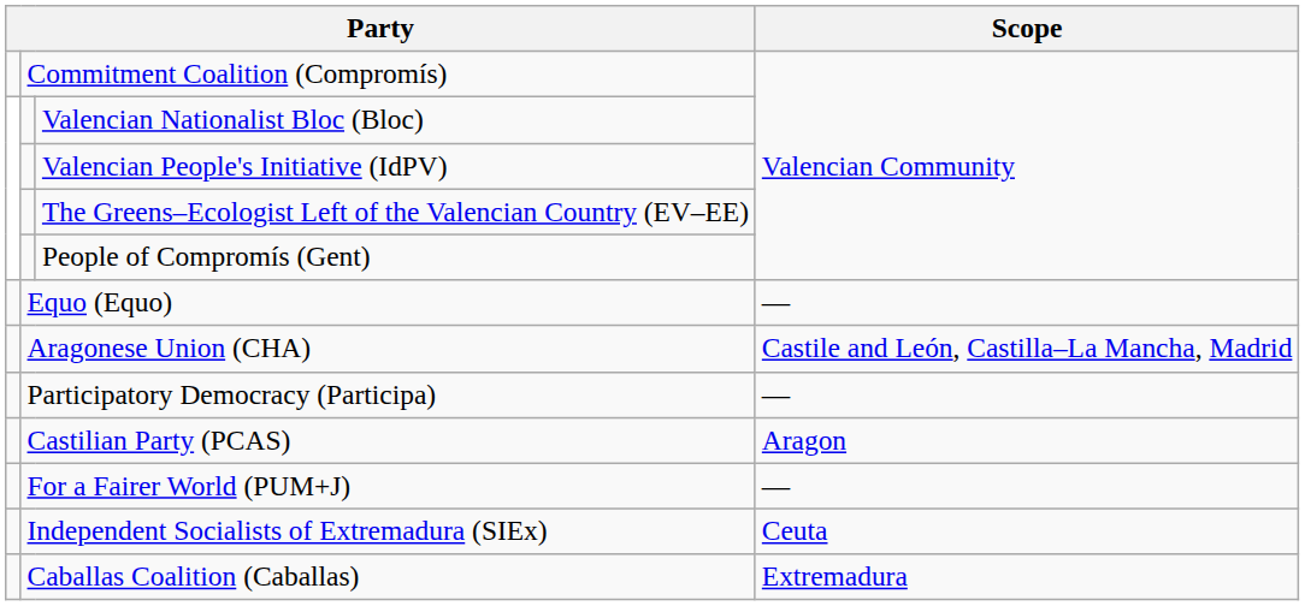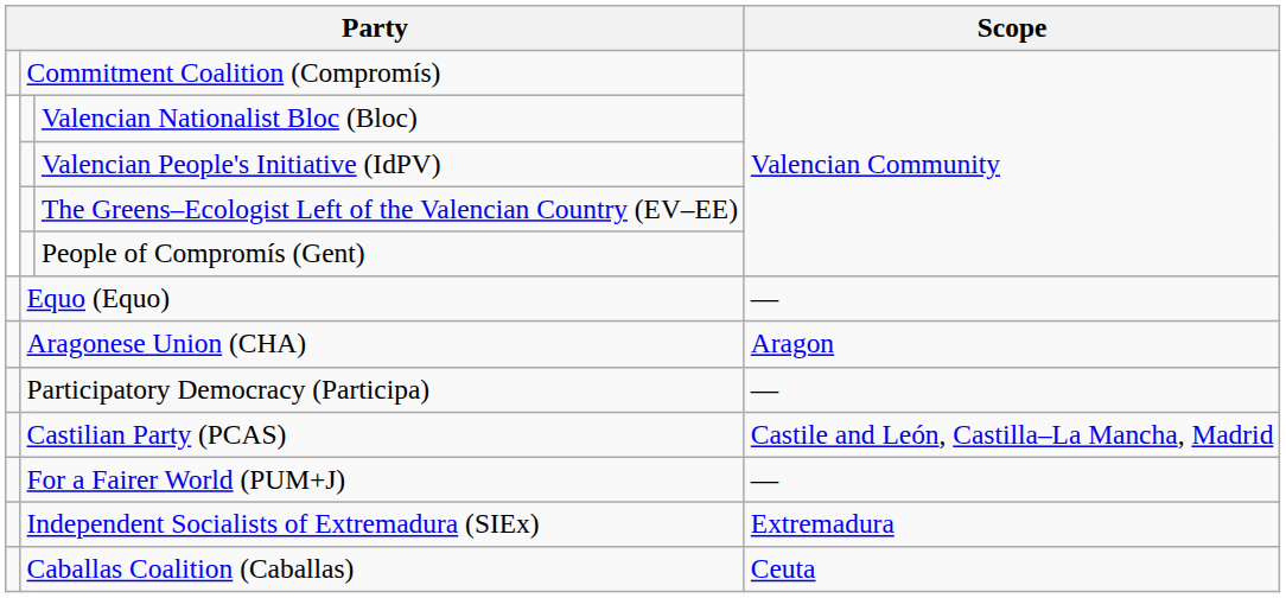 <table class="wikitable" style="text-align:left; font-size:97%;">
 <tr>
 <th colspan="3">Party</th>
 <th>Scope</th>
 </tr>
 <tr>
 <td width="1"></td>
 <td colspan="2"><a href='#'>Commitment Coalition</a> (Compromís)</td>
 <td rowspan="5"><a href='#'>Valencian Community</a></td>
 </tr>
 <tr>
 <td rowspan="4" bgcolor="white"></td>
 <td width="1"></td>
 <td><a href='#'>Valencian Nationalist Bloc</a> (Bloc)</td>
 </tr>
 <tr>
 <td></td>
 <td><a href='#'>Valencian People's Initiative</a> (IdPV)</td>
 </tr>
 <tr>
 <td></td>
 <td><a href='#'>The Greens–Ecologist Left of the Valencian Country</a> (EV–EE)</td>
 </tr>
 <tr>
 <td></td>
 <td>People of Compromís (Gent)</td>
 </tr>
 <tr>
 <td></td>
 <td colspan="2"><a href='#'>Equo</a> (Equo)</td>
 <td>—</td>
 </tr>
 <tr>
 <td></td>
 <td colspan="2"><a href='#'>Aragonese Union</a> (CHA)</td>
-<td><a href='#'>Castile and León</a>, <a href='#'>Castilla–La Mancha</a>, <a href='#'>Madrid</a></td>
+<td><a href='#'>Aragon</a></td>
 </tr>
 <tr>
 <td></td>
 <td colspan="2">Participatory Democracy (Participa)</td>
 <td>—</td>
 </tr>
 <tr>
 <td></td>
 <td colspan="2"><a href='#'>Castilian Party</a> (PCAS)</td>
-<td><a href='#'>Aragon</a></td>
+<td><a href='#'>Castile and León</a>, <a href='#'>Castilla–La Mancha</a>, <a href='#'>Madrid</a></td>
 </tr>
 <tr>
 <td></td>
 <td colspan="2"><a href='#'>For a Fairer World</a> (PUM+J)</td>
 <td>—</td>
 </tr>
 <tr>
 <td></td>
 <td colspan="2"><a href='#'>Independent Socialists of Extremadura</a> (SIEx)</td>
-<td><a href='#'>Ceuta</a></td>
+<td><a href='#'>Extremadura</a></td>
 </tr>
 <tr>
 <td></td>
 <td colspan="2"><a href='#'>Caballas Coalition</a> (Caballas)</td>
-<td><a href='#'>Extremadura</a></td>
+<td><a href='#'>Ceuta</a></td>
 </tr>
 </table>
